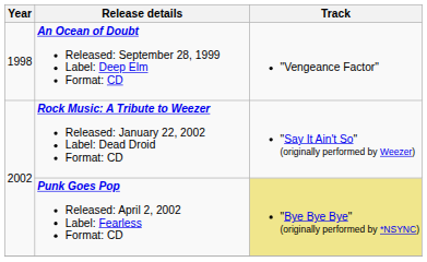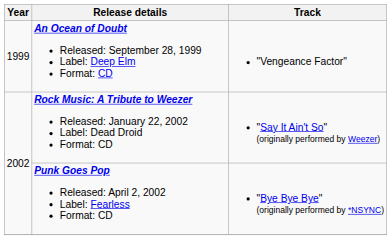 <table class ="wikitable">
 <tr>
 <th>Year</th>
 <th width="300">Release details</th>
 <th>Track</th>
 </tr>
 <tr>
-<td>1998</td>
+<td>1999</td>
 <td><strong><em><a href='#'>An Ocean of Doubt</a></em></strong><br><ul><li>Released: September 28, 1999</li><li>Label: <a href='#'>Deep Elm</a></li><li>Format: <a href='#'>CD</a></li></ul></td>
 <td><br><ul><li>"Vengeance Factor"</li></ul></td>
 </tr>
 <tr>
 <td rowspan="2">2002</td>
 <td><strong><em><a href='#'>Rock Music: A Tribute to Weezer</a></em></strong><br><ul><li>Released: January 22, 2002</li><li>Label: Dead Droid</li><li>Format: CD</li></ul></td>
 <td><br><ul><li>"<a href='#'>Say It Ain't So</a>"<br><small>(originally performed by <a href='#'>Weezer</a>)</small></li></ul></td>
 </tr>
 <tr>
 <td><strong><em><a href='#'>Punk Goes Pop</a></em></strong><br><ul><li>Released: April 2, 2002</li><li>Label: <a href='#'>Fearless</a></li><li>Format: CD</li></ul></td>
-<td style="background: khaki;"><br><ul><li>"<a href='#'>Bye Bye Bye</a>"<br><small>(originally performed by <a href='#'>*NSYNC</a>)</small></li></ul></td>
+<td><br><ul><li>"<a href='#'>Bye Bye Bye</a>"<br><small>(originally performed by <a href='#'>*NSYNC</a>)</small></li></ul></td>
 </tr>
 <tr>
 </tr>
 </table>
